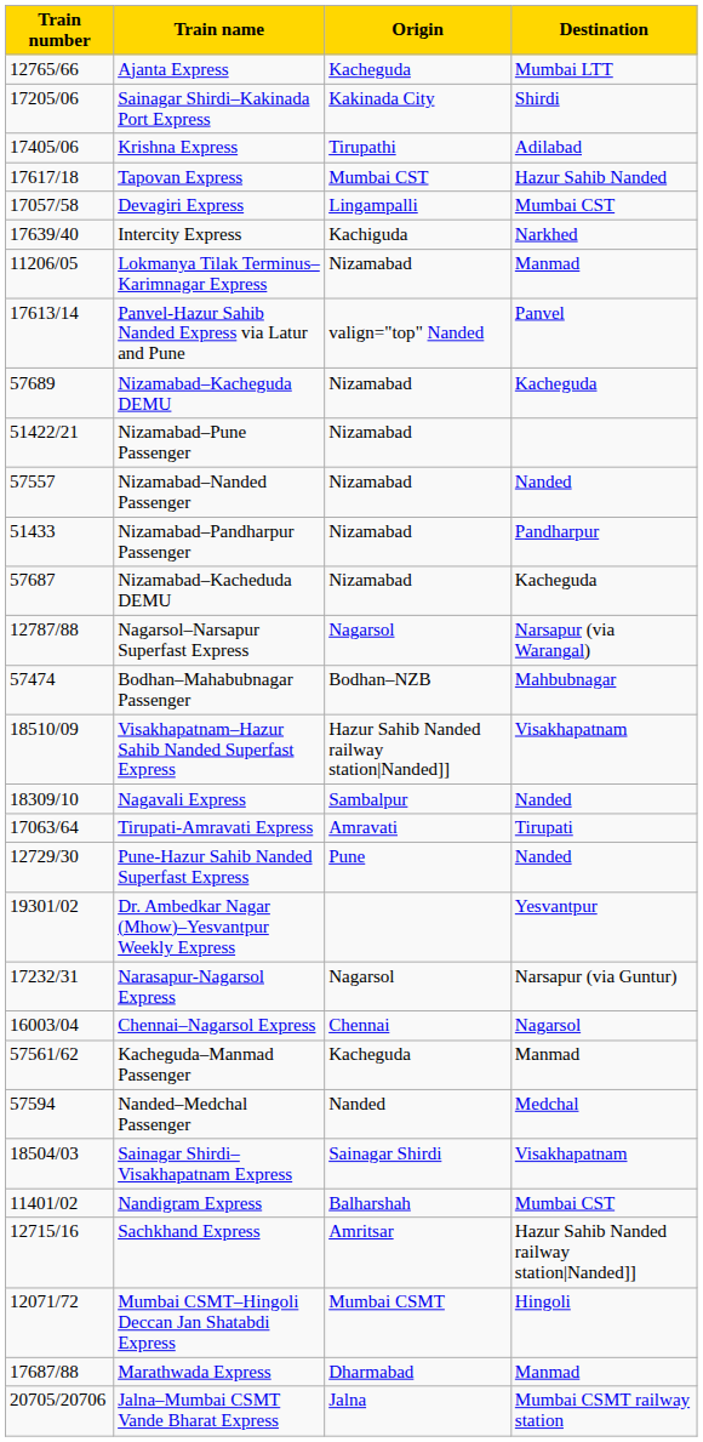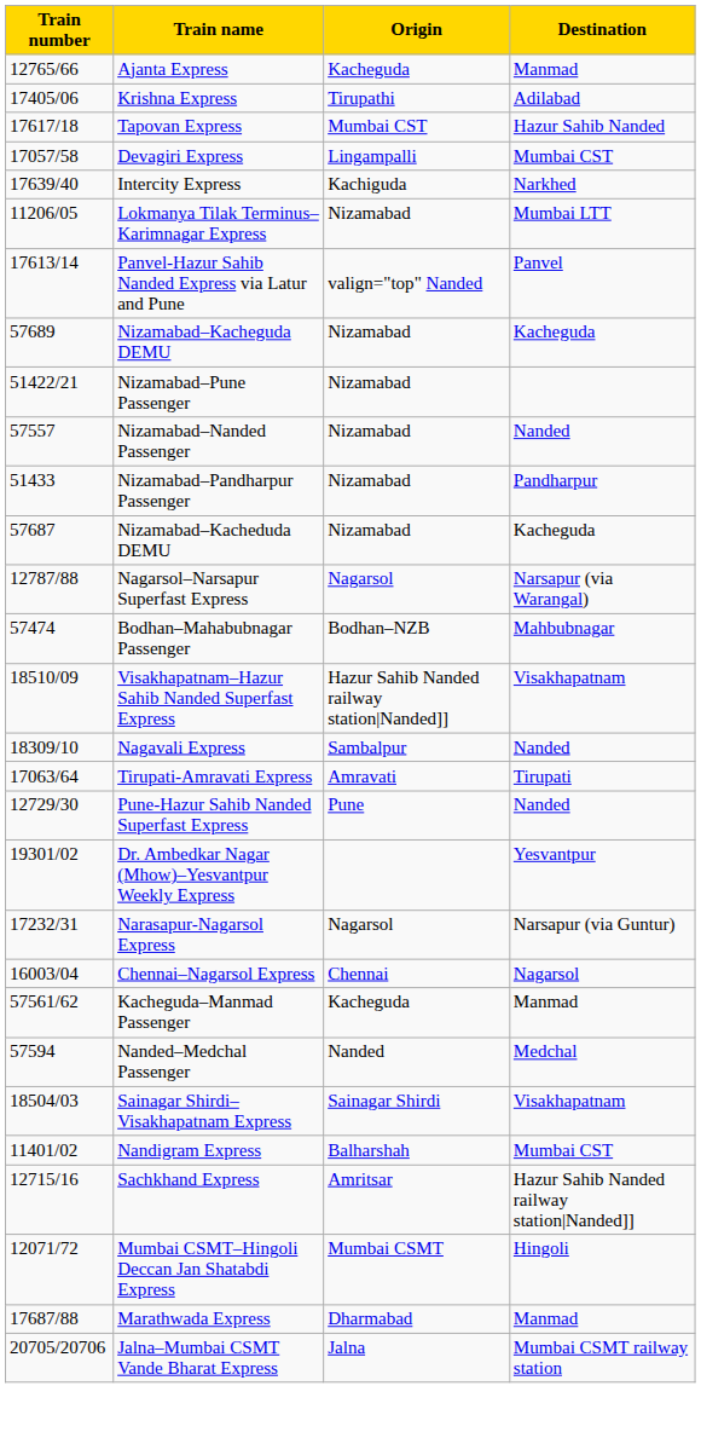 <table class="wikitable">
 <tr>
 <th ! style="background-color:#FFD700">Train number</th>
 <th ! style="background-color:#FFD700">Train name</th>
 <th ! style="background-color:#FFD700">Origin</th>
 <th ! style="background-color:#FFD700">Destination</th>
 </tr>
 <tr>
 <td valign="top">12765/66</td>
 <td valign="top"><a href='#'>Ajanta Express</a></td>
 <td valign="top"><a href='#'>Kacheguda</a></td>
-<td valign="top"><a href='#'>Mumbai LTT</a></td>
-</tr>
-<tr>
-<td valign="top">17205/06</td>
-<td valign="top"><a href='#'>Sainagar Shirdi–Kakinada Port Express</a></td>
-<td valign="top"><a href='#'>Kakinada City</a></td>
-<td valign="top"><a href='#'>Shirdi</a></td>
+<td valign="top"><a href='#'>Manmad</a></td>
 </tr>
 <tr>
 <td valign="top">17405/06</td>
 <td valign="top"><a href='#'>Krishna Express</a></td>
 <td valign="top"><a href='#'>Tirupathi</a></td>
 <td valign="top"><a href='#'>Adilabad</a></td>
 </tr>
 <tr>
 <td valign="top">17617/18</td>
 <td valign="top"><a href='#'>Tapovan Express</a></td>
 <td valign="top"><a href='#'>Mumbai CST</a></td>
 <td valign="top"><a href='#'>Hazur Sahib Nanded</a></td>
 </tr>
 <tr>
 <td valign="top">17057/58</td>
 <td valign="top"><a href='#'>Devagiri Express</a></td>
 <td valign="top"><a href='#'>Lingampalli</a></td>
 <td valign="top"><a href='#'>Mumbai CST</a></td>
 </tr>
 <tr>
 <td valign="top">17639/40</td>
 <td valign="top">Intercity Express</td>
 <td valign="top">Kachiguda</td>
 <td valign="top"><a href='#'>Narkhed</a></td>
 </tr>
 <tr>
 <td valign="top">11206/05</td>
 <td valign="top"><a href='#'>Lokmanya Tilak Terminus–Karimnagar Express</a></td>
 <td valign="top">Nizamabad</td>
-<td valign="top"><a href='#'>Manmad</a></td>
+<td valign="top"><a href='#'>Mumbai LTT</a></td>
 </tr>
 <tr>
 <td valign="top">17613/14</td>
 <td valign="top"><a href='#'>Panvel-Hazur Sahib Nanded Express</a> via Latur and Pune</td>
 <td>valign="top" <a href='#'>Nanded</a></td>
 <td valign="top"><a href='#'>Panvel</a></td>
 </tr>
 <tr>
 <td valign="top">57689</td>
 <td valign="top"><a href='#'>Nizamabad–Kacheguda DEMU</a></td>
 <td valign="top">Nizamabad</td>
 <td valign="top"><a href='#'>Kacheguda</a></td>
 </tr>
 <tr>
 <td valign="top">51422/21</td>
 <td valign="top">Nizamabad–Pune Passenger</td>
 <td valign="top">Nizamabad</td>
 <td valign="top"></td>
 </tr>
 <tr>
 <td valign="top">57557</td>
 <td valign="top">Nizamabad–Nanded Passenger</td>
 <td valign="top">Nizamabad</td>
 <td valign="top"><a href='#'>Nanded</a></td>
 </tr>
 <tr>
 <td valign="top">51433</td>
 <td valign="top">Nizamabad–Pandharpur Passenger</td>
 <td valign="top">Nizamabad</td>
 <td valign="top"><a href='#'>Pandharpur</a></td>
 </tr>
 <tr>
 <td valign="top">57687</td>
 <td valign="top">Nizamabad–Kacheduda DEMU</td>
 <td valign="top">Nizamabad</td>
 <td valign="top">Kacheguda</td>
 </tr>
 <tr>
 <td valign="top">12787/88</td>
 <td valign="top">Nagarsol–Narsapur Superfast Express</td>
 <td valign="top"><a href='#'>Nagarsol</a></td>
 <td valign="top"><a href='#'>Narsapur</a> (via <a href='#'>Warangal</a>)</td>
 </tr>
 <tr>
 <td valign="top">57474</td>
 <td valign="top">Bodhan–Mahabubnagar Passenger</td>
 <td valign="top">Bodhan–NZB</td>
 <td valign="top"><a href='#'>Mahbubnagar</a></td>
 </tr>
 <tr>
 <td valign="top">18510/09</td>
 <td valign="top"><a href='#'>Visakhapatnam–Hazur Sahib Nanded Superfast Express</a></td>
 <td valign="top">Hazur Sahib Nanded railway station|Nanded]]</td>
 <td valign="top"><a href='#'>Visakhapatnam</a></td>
 </tr>
 <tr>
 <td valign="top">18309/10</td>
 <td valign="top"><a href='#'>Nagavali Express</a></td>
 <td valign="top"><a href='#'>Sambalpur</a></td>
 <td valign="top"><a href='#'>Nanded</a></td>
 </tr>
 <tr>
 <td valign="top">17063/64</td>
 <td valign="top"><a href='#'>Tirupati-Amravati Express</a></td>
 <td valign="top"><a href='#'>Amravati</a></td>
 <td valign="top"><a href='#'>Tirupati</a></td>
 </tr>
 <tr>
 <td valign="top">12729/30</td>
 <td valign="top"><a href='#'>Pune-Hazur Sahib Nanded Superfast Express</a></td>
 <td valign="top"><a href='#'>Pune</a></td>
 <td valign="top"><a href='#'>Nanded</a></td>
 </tr>
 <tr>
 <td valign="top">19301/02</td>
 <td valign="top"><a href='#'>Dr. Ambedkar Nagar (Mhow)–Yesvantpur Weekly Express</a></td>
 <td valign="top"></td>
 <td valign="top"><a href='#'>Yesvantpur</a></td>
 </tr>
 <tr>
 <td valign="top">17232/31</td>
 <td valign="top"><a href='#'>Narasapur-Nagarsol Express</a></td>
 <td valign="top">Nagarsol</td>
 <td valign="top">Narsapur (via Guntur)</td>
 </tr>
 <tr>
 <td valign="top">16003/04</td>
 <td valign="top"><a href='#'>Chennai–Nagarsol Express</a></td>
 <td valign="top"><a href='#'>Chennai</a></td>
 <td valign="top"><a href='#'>Nagarsol</a></td>
 </tr>
 <tr>
 <td valign="top">57561/62</td>
 <td valign="top">Kacheguda–Manmad Passenger</td>
 <td valign="top">Kacheguda</td>
 <td valign="top">Manmad</td>
 </tr>
 <tr>
 <td valign="top">57594</td>
 <td valign="top">Nanded–Medchal Passenger</td>
 <td valign="top">Nanded</td>
 <td valign="top"><a href='#'>Medchal</a></td>
 </tr>
 <tr>
 <td valign="top">18504/03</td>
 <td valign="top"><a href='#'>Sainagar Shirdi–Visakhapatnam Express</a></td>
 <td valign="top"><a href='#'>Sainagar Shirdi</a></td>
 <td valign="top"><a href='#'>Visakhapatnam</a></td>
 </tr>
 <tr>
 <td valign="top">11401/02</td>
 <td valign="top"><a href='#'>Nandigram Express</a></td>
 <td valign="top"><a href='#'>Balharshah</a></td>
 <td valign="top"><a href='#'>Mumbai CST</a></td>
 </tr>
 <tr>
 <td valign="top">12715/16</td>
 <td valign="top"><a href='#'>Sachkhand Express</a></td>
 <td valign="top"><a href='#'>Amritsar</a></td>
 <td valign="top">Hazur Sahib Nanded railway station|Nanded]]</td>
 </tr>
 <tr>
 <td valign="top">12071/72</td>
 <td valign="top"><a href='#'>Mumbai CSMT–Hingoli Deccan Jan Shatabdi Express</a></td>
 <td valign="top"><a href='#'>Mumbai CSMT</a></td>
 <td valign="top"><a href='#'>Hingoli</a></td>
 </tr>
 <tr>
 <td valign="top">17687/88</td>
 <td valign="top"><a href='#'>Marathwada Express</a></td>
 <td valign="top"><a href='#'>Dharmabad</a></td>
 <td valign="top"><a href='#'>Manmad</a></td>
 </tr>
 <tr>
 <td valign="top">20705/20706</td>
 <td valign="top"><a href='#'>Jalna–Mumbai CSMT Vande Bharat Express</a></td>
 <td valign="top"><a href='#'>Jalna</a></td>
 <td valign="top"><a href='#'>Mumbai CSMT railway station</a></td>
 </tr>
 </table>
